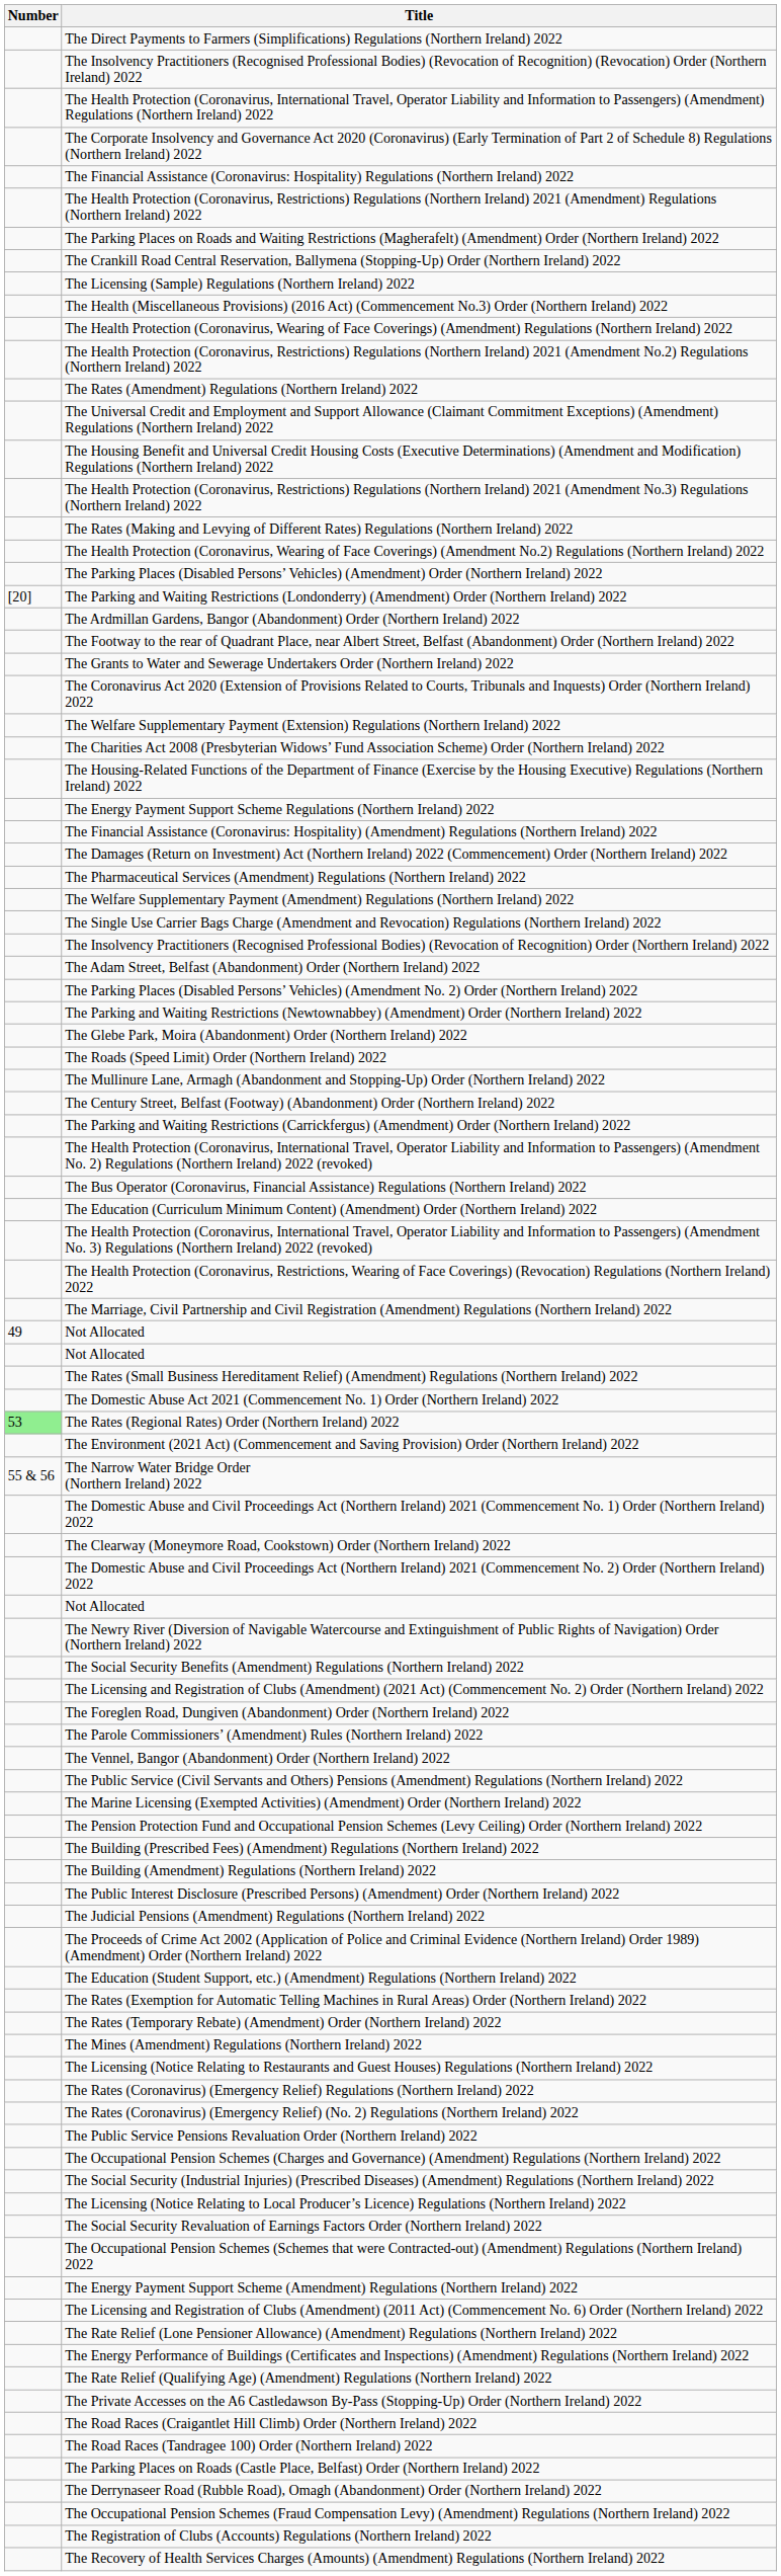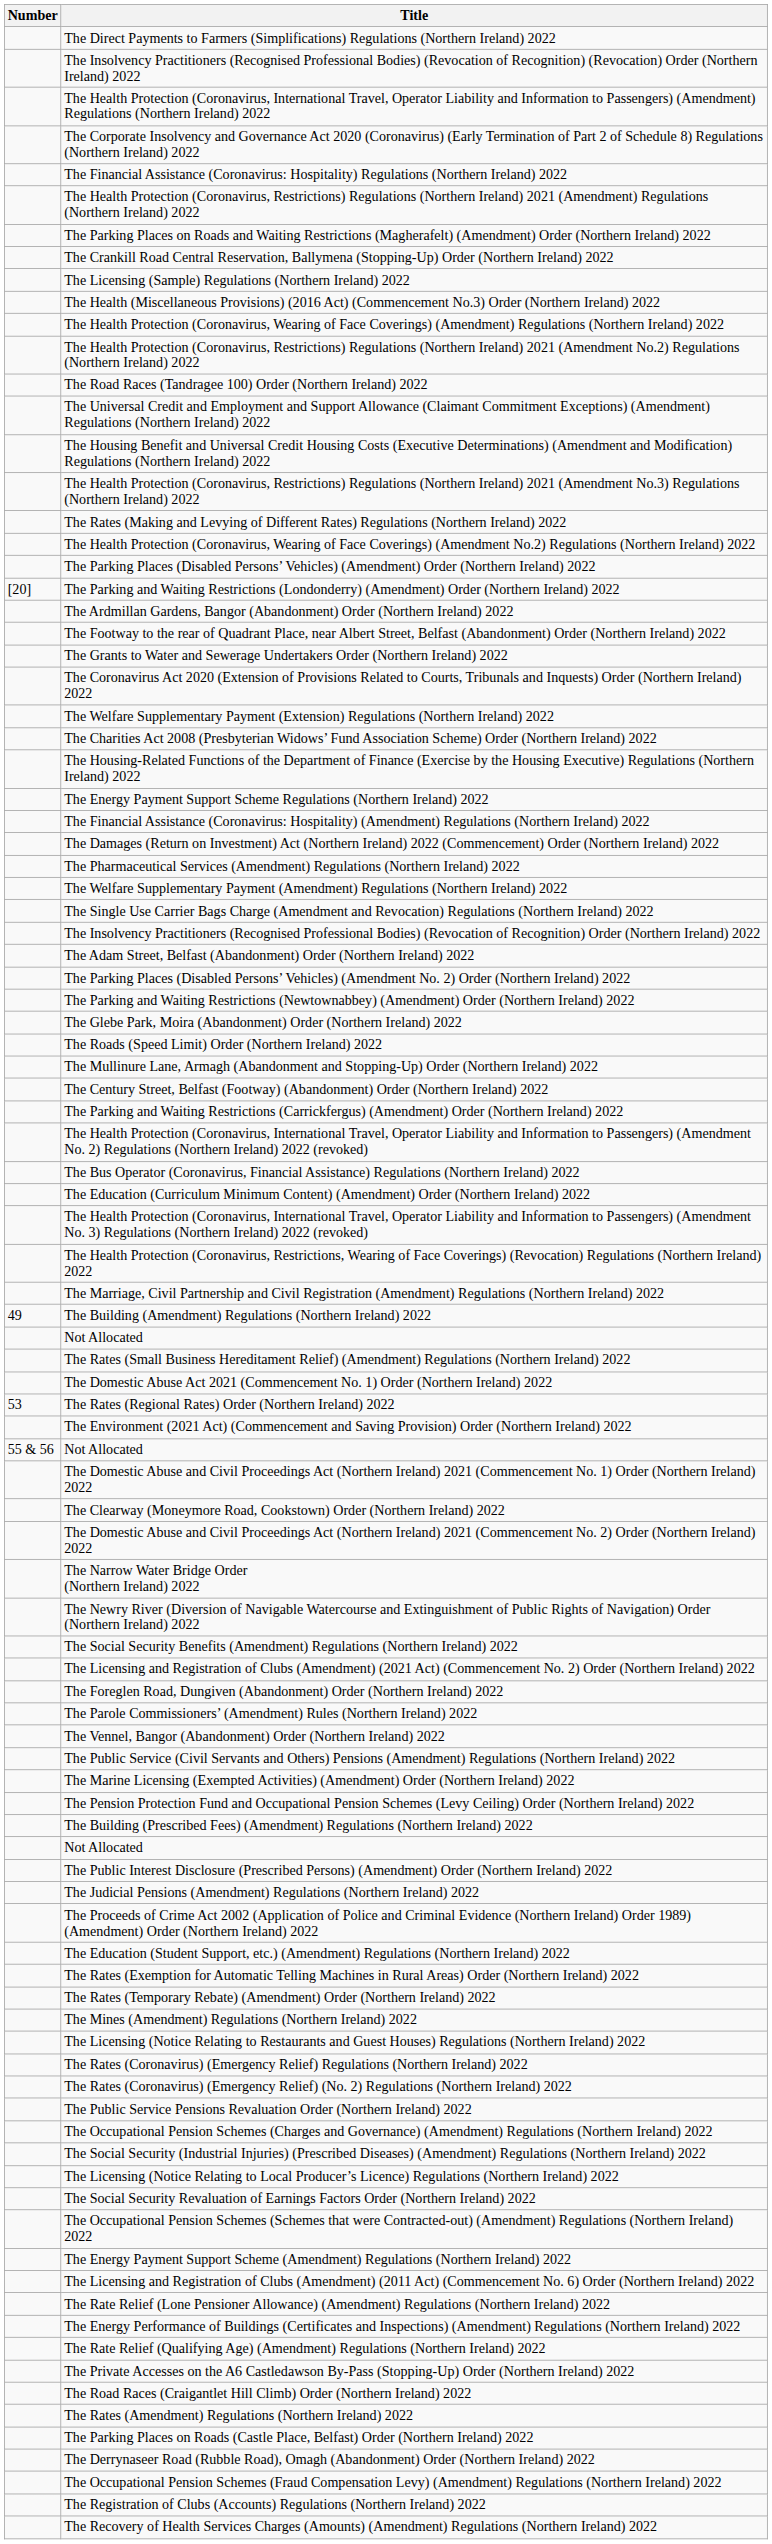 <table class="wikitable collapsible">
 <tr>
 <th>Number</th>
 <th>Title</th>
 </tr>
 <tr>
 <td></td>
 <td>The Direct Payments to Farmers (Simplifications) Regulations (Northern Ireland) 2022</td>
 </tr>
 <tr>
 <td></td>
 <td>The Insolvency Practitioners (Recognised Professional Bodies) (Revocation of Recognition) (Revocation) Order (Northern Ireland) 2022</td>
 </tr>
 <tr>
 <td></td>
 <td>The Health Protection (Coronavirus, International Travel, Operator Liability and Information to Passengers) (Amendment) Regulations (Northern Ireland) 2022</td>
 </tr>
 <tr>
 <td></td>
 <td>The Corporate Insolvency and Governance Act 2020 (Coronavirus) (Early Termination of Part 2 of Schedule 8) Regulations (Northern Ireland) 2022</td>
 </tr>
 <tr>
 <td></td>
 <td>The Financial Assistance (Coronavirus: Hospitality) Regulations (Northern Ireland) 2022</td>
 </tr>
 <tr>
 <td></td>
 <td>The Health Protection (Coronavirus, Restrictions) Regulations (Northern Ireland) 2021 (Amendment) Regulations (Northern Ireland) 2022</td>
 </tr>
 <tr>
 <td></td>
 <td>The Parking Places on Roads and Waiting Restrictions (Magherafelt) (Amendment) Order (Northern Ireland) 2022</td>
 </tr>
 <tr>
 <td></td>
 <td>The Crankill Road Central Reservation, Ballymena (Stopping-Up) Order (Northern Ireland) 2022</td>
 </tr>
 <tr>
 <td></td>
 <td>The Licensing (Sample) Regulations (Northern Ireland) 2022</td>
 </tr>
 <tr>
 <td></td>
 <td>The Health (Miscellaneous Provisions) (2016 Act) (Commencement No.3) Order (Northern Ireland) 2022</td>
 </tr>
 <tr>
 <td></td>
 <td>The Health Protection (Coronavirus, Wearing of Face Coverings) (Amendment) Regulations (Northern Ireland) 2022</td>
 </tr>
 <tr>
 <td></td>
 <td>The Health Protection (Coronavirus, Restrictions) Regulations (Northern Ireland) 2021 (Amendment No.2) Regulations (Northern Ireland) 2022</td>
 </tr>
 <tr>
 <td></td>
-<td>The Rates (Amendment) Regulations (Northern Ireland) 2022</td>
+<td>The Road Races (Tandragee 100) Order (Northern Ireland) 2022</td>
 </tr>
 <tr>
 <td></td>
 <td>The Universal Credit and Employment and Support Allowance (Claimant Commitment Exceptions) (Amendment) Regulations (Northern Ireland) 2022</td>
 </tr>
 <tr>
 <td></td>
 <td>The Housing Benefit and Universal Credit Housing Costs (Executive Determinations) (Amendment and Modification) Regulations (Northern Ireland) 2022</td>
 </tr>
 <tr>
 <td></td>
 <td>The Health Protection (Coronavirus, Restrictions) Regulations (Northern Ireland) 2021 (Amendment No.3) Regulations (Northern Ireland) 2022</td>
 </tr>
 <tr>
 <td></td>
 <td>The Rates (Making and Levying of Different Rates) Regulations (Northern Ireland) 2022</td>
 </tr>
 <tr>
 <td></td>
 <td>The Health Protection (Coronavirus, Wearing of Face Coverings) (Amendment No.2) Regulations (Northern Ireland) 2022</td>
 </tr>
 <tr>
 <td></td>
 <td>The Parking Places (Disabled Persons’ Vehicles) (Amendment) Order (Northern Ireland) 2022</td>
 </tr>
 <tr>
 <td>[20]</td>
 <td>The Parking and Waiting Restrictions (Londonderry) (Amendment) Order (Northern Ireland) 2022</td>
 </tr>
 <tr>
 <td></td>
 <td>The Ardmillan Gardens, Bangor (Abandonment) Order (Northern Ireland) 2022</td>
 </tr>
 <tr>
 <td></td>
 <td>The Footway to the rear of Quadrant Place, near Albert Street, Belfast (Abandonment) Order (Northern Ireland) 2022</td>
 </tr>
 <tr>
 <td></td>
 <td>The Grants to Water and Sewerage Undertakers Order (Northern Ireland) 2022</td>
 </tr>
 <tr>
 <td></td>
 <td>The Coronavirus Act 2020 (Extension of Provisions Related to Courts, Tribunals and Inquests) Order (Northern Ireland) 2022</td>
 </tr>
 <tr>
 <td></td>
 <td>The Welfare Supplementary Payment (Extension) Regulations (Northern Ireland) 2022</td>
 </tr>
 <tr>
 <td></td>
 <td>The Charities Act 2008 (Presbyterian Widows’ Fund Association Scheme) Order (Northern Ireland) 2022</td>
 </tr>
 <tr>
 <td></td>
 <td>The Housing-Related Functions of the Department of Finance (Exercise by the Housing Executive) Regulations (Northern Ireland) 2022</td>
 </tr>
 <tr>
 <td></td>
 <td>The Energy Payment Support Scheme Regulations (Northern Ireland) 2022</td>
 </tr>
 <tr>
 <td></td>
 <td>The Financial Assistance (Coronavirus: Hospitality) (Amendment) Regulations (Northern Ireland) 2022</td>
 </tr>
 <tr>
 <td></td>
 <td>The Damages (Return on Investment) Act (Northern Ireland) 2022 (Commencement) Order (Northern Ireland) 2022</td>
 </tr>
 <tr>
 <td></td>
 <td>The Pharmaceutical Services (Amendment) Regulations (Northern Ireland) 2022</td>
 </tr>
 <tr>
 <td></td>
 <td>The Welfare Supplementary Payment (Amendment) Regulations (Northern Ireland) 2022</td>
 </tr>
 <tr>
 <td></td>
 <td>The Single Use Carrier Bags Charge (Amendment and Revocation) Regulations (Northern Ireland) 2022</td>
 </tr>
 <tr>
 <td></td>
 <td>The Insolvency Practitioners (Recognised Professional Bodies) (Revocation of Recognition) Order (Northern Ireland) 2022</td>
 </tr>
 <tr>
 <td></td>
 <td>The Adam Street, Belfast (Abandonment) Order (Northern Ireland) 2022</td>
 </tr>
 <tr>
 <td></td>
 <td>The Parking Places (Disabled Persons’ Vehicles) (Amendment No. 2) Order (Northern Ireland) 2022</td>
 </tr>
 <tr>
 <td></td>
 <td>The Parking and Waiting Restrictions (Newtownabbey) (Amendment) Order (Northern Ireland) 2022</td>
 </tr>
 <tr>
 <td></td>
 <td>The Glebe Park, Moira (Abandonment) Order (Northern Ireland) 2022</td>
 </tr>
 <tr>
 <td></td>
 <td>The Roads (Speed Limit) Order (Northern Ireland) 2022</td>
 </tr>
 <tr>
 <td></td>
 <td>The Mullinure Lane, Armagh (Abandonment and Stopping-Up) Order (Northern Ireland) 2022</td>
 </tr>
 <tr>
 <td></td>
 <td>The Century Street, Belfast (Footway) (Abandonment) Order (Northern Ireland) 2022</td>
 </tr>
 <tr>
 <td></td>
 <td>The Parking and Waiting Restrictions (Carrickfergus) (Amendment) Order (Northern Ireland) 2022</td>
 </tr>
 <tr>
 <td></td>
 <td>The Health Protection (Coronavirus, International Travel, Operator Liability and Information to Passengers) (Amendment No. 2) Regulations (Northern Ireland) 2022 (revoked)</td>
 </tr>
 <tr>
 <td></td>
 <td>The Bus Operator (Coronavirus, Financial Assistance) Regulations (Northern Ireland) 2022</td>
 </tr>
 <tr>
 <td></td>
 <td>The Education (Curriculum Minimum Content) (Amendment) Order (Northern Ireland) 2022</td>
 </tr>
 <tr>
 <td></td>
 <td>The Health Protection (Coronavirus, International Travel, Operator Liability and Information to Passengers) (Amendment No. 3) Regulations (Northern Ireland) 2022 (revoked)</td>
 </tr>
 <tr>
 <td></td>
 <td>The Health Protection (Coronavirus, Restrictions, Wearing of Face Coverings) (Revocation) Regulations (Northern Ireland) 2022</td>
 </tr>
 <tr>
 <td></td>
 <td>The Marriage, Civil Partnership and Civil Registration (Amendment) Regulations (Northern Ireland) 2022</td>
 </tr>
 <tr>
 <td>49</td>
-<td>Not Allocated</td>
+<td>The Building (Amendment) Regulations (Northern Ireland) 2022</td>
 </tr>
 <tr>
 <td></td>
 <td>Not Allocated</td>
 </tr>
 <tr>
 <td></td>
 <td>The Rates (Small Business Hereditament Relief) (Amendment) Regulations (Northern Ireland) 2022</td>
 </tr>
 <tr>
 <td></td>
 <td>The Domestic Abuse Act 2021 (Commencement No. 1) Order (Northern Ireland) 2022</td>
 </tr>
 <tr>
-<td style="background: lightgreen;">53</td>
+<td>53</td>
 <td>The Rates (Regional Rates) Order (Northern Ireland) 2022</td>
 </tr>
 <tr>
 <td></td>
 <td>The Environment (2021 Act) (Commencement and Saving Provision) Order (Northern Ireland) 2022</td>
 </tr>
 <tr>
 <td>55 & 56</td>
-<td>The Narrow Water Bridge Order<br>(Northern Ireland) 2022</td>
+<td>Not Allocated</td>
 </tr>
 <tr>
 <td></td>
 <td>The Domestic Abuse and Civil Proceedings Act (Northern Ireland) 2021 (Commencement No. 1) Order (Northern Ireland) 2022</td>
 </tr>
 <tr>
 <td></td>
 <td>The Clearway (Moneymore Road, Cookstown) Order (Northern Ireland) 2022</td>
 </tr>
 <tr>
 <td></td>
 <td>The Domestic Abuse and Civil Proceedings Act (Northern Ireland) 2021 (Commencement No. 2) Order (Northern Ireland) 2022</td>
 </tr>
 <tr>
 <td></td>
-<td>Not Allocated</td>
+<td>The Narrow Water Bridge Order<br>(Northern Ireland) 2022</td>
 </tr>
 <tr>
 <td></td>
 <td>The Newry River (Diversion of Navigable Watercourse and Extinguishment of Public Rights of Navigation) Order (Northern Ireland) 2022</td>
 </tr>
 <tr>
 <td></td>
 <td>The Social Security Benefits (Amendment) Regulations (Northern Ireland) 2022</td>
 </tr>
 <tr>
 <td></td>
 <td>The Licensing and Registration of Clubs (Amendment) (2021 Act) (Commencement No. 2) Order (Northern Ireland) 2022</td>
 </tr>
 <tr>
 <td></td>
 <td>The Foreglen Road, Dungiven (Abandonment) Order (Northern Ireland) 2022</td>
 </tr>
 <tr>
 <td></td>
 <td>The Parole Commissioners’ (Amendment) Rules (Northern Ireland) 2022</td>
 </tr>
 <tr>
 <td></td>
 <td>The Vennel, Bangor (Abandonment) Order (Northern Ireland) 2022</td>
 </tr>
 <tr>
 <td></td>
 <td>The Public Service (Civil Servants and Others) Pensions (Amendment) Regulations (Northern Ireland) 2022</td>
 </tr>
 <tr>
 <td></td>
 <td>The Marine Licensing (Exempted Activities) (Amendment) Order (Northern Ireland) 2022</td>
 </tr>
 <tr>
 <td></td>
 <td>The Pension Protection Fund and Occupational Pension Schemes (Levy Ceiling) Order (Northern Ireland) 2022</td>
 </tr>
 <tr>
 <td></td>
 <td>The Building (Prescribed Fees) (Amendment) Regulations (Northern Ireland) 2022</td>
 </tr>
 <tr>
 <td></td>
-<td>The Building (Amendment) Regulations (Northern Ireland) 2022</td>
+<td>Not Allocated</td>
 </tr>
 <tr>
 <td></td>
 <td>The Public Interest Disclosure (Prescribed Persons) (Amendment) Order (Northern Ireland) 2022</td>
 </tr>
 <tr>
 <td></td>
 <td>The Judicial Pensions (Amendment) Regulations (Northern Ireland) 2022</td>
 </tr>
 <tr>
 <td></td>
 <td>The Proceeds of Crime Act 2002 (Application of Police and Criminal Evidence (Northern Ireland) Order 1989) (Amendment) Order (Northern Ireland) 2022</td>
 </tr>
 <tr>
 <td></td>
 <td>The Education (Student Support, etc.) (Amendment) Regulations (Northern Ireland) 2022</td>
 </tr>
 <tr>
 <td></td>
 <td>The Rates (Exemption for Automatic Telling Machines in Rural Areas) Order (Northern Ireland) 2022</td>
 </tr>
 <tr>
 <td></td>
 <td>The Rates (Temporary Rebate) (Amendment) Order (Northern Ireland) 2022</td>
 </tr>
 <tr>
 <td></td>
 <td>The Mines (Amendment) Regulations (Northern Ireland) 2022</td>
 </tr>
 <tr>
 <td></td>
 <td>The Licensing (Notice Relating to Restaurants and Guest Houses) Regulations (Northern Ireland) 2022</td>
 </tr>
 <tr>
 <td></td>
 <td>The Rates (Coronavirus) (Emergency Relief) Regulations (Northern Ireland) 2022</td>
 </tr>
 <tr>
 <td></td>
 <td>The Rates (Coronavirus) (Emergency Relief) (No. 2) Regulations (Northern Ireland) 2022</td>
 </tr>
 <tr>
 <td></td>
 <td>The Public Service Pensions Revaluation Order (Northern Ireland) 2022</td>
 </tr>
 <tr>
 <td></td>
 <td>The Occupational Pension Schemes (Charges and Governance) (Amendment) Regulations (Northern Ireland) 2022</td>
 </tr>
 <tr>
 <td></td>
 <td>The Social Security (Industrial Injuries) (Prescribed Diseases) (Amendment) Regulations (Northern Ireland) 2022</td>
 </tr>
 <tr>
 <td></td>
 <td>The Licensing (Notice Relating to Local Producer’s Licence) Regulations (Northern Ireland) 2022</td>
 </tr>
 <tr>
 <td></td>
 <td>The Social Security Revaluation of Earnings Factors Order (Northern Ireland) 2022</td>
 </tr>
 <tr>
 <td></td>
 <td>The Occupational Pension Schemes (Schemes that were Contracted-out) (Amendment) Regulations (Northern Ireland) 2022</td>
 </tr>
 <tr>
 <td></td>
 <td>The Energy Payment Support Scheme (Amendment) Regulations (Northern Ireland) 2022</td>
 </tr>
 <tr>
 <td></td>
 <td>The Licensing and Registration of Clubs (Amendment) (2011 Act) (Commencement No. 6) Order (Northern Ireland) 2022</td>
 </tr>
 <tr>
 <td></td>
 <td>The Rate Relief (Lone Pensioner Allowance) (Amendment) Regulations (Northern Ireland) 2022</td>
 </tr>
 <tr>
 <td></td>
 <td>The Energy Performance of Buildings (Certificates and Inspections) (Amendment) Regulations (Northern Ireland) 2022</td>
 </tr>
 <tr>
 <td></td>
 <td>The Rate Relief (Qualifying Age) (Amendment) Regulations (Northern Ireland) 2022</td>
 </tr>
 <tr>
 <td></td>
 <td>The Private Accesses on the A6 Castledawson By-Pass (Stopping-Up) Order (Northern Ireland) 2022</td>
 </tr>
 <tr>
 <td></td>
 <td>The Road Races (Craigantlet Hill Climb) Order (Northern Ireland) 2022</td>
 </tr>
 <tr>
 <td></td>
-<td>The Road Races (Tandragee 100) Order (Northern Ireland) 2022</td>
+<td>The Rates (Amendment) Regulations (Northern Ireland) 2022</td>
 </tr>
 <tr>
 <td></td>
 <td>The Parking Places on Roads (Castle Place, Belfast) Order (Northern Ireland) 2022</td>
 </tr>
 <tr>
 <td></td>
 <td>The Derrynaseer Road (Rubble Road), Omagh (Abandonment) Order (Northern Ireland) 2022</td>
 </tr>
 <tr>
 <td></td>
 <td>The Occupational Pension Schemes (Fraud Compensation Levy) (Amendment) Regulations (Northern Ireland) 2022</td>
 </tr>
 <tr>
 <td></td>
 <td>The Registration of Clubs (Accounts) Regulations (Northern Ireland) 2022</td>
 </tr>
 <tr>
 <td></td>
 <td>The Recovery of Health Services Charges (Amounts) (Amendment) Regulations (Northern Ireland) 2022</td>
 </tr>
 </table>
